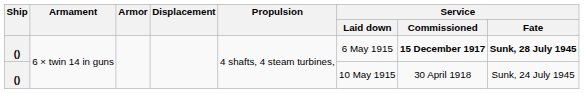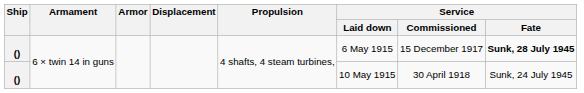 <table class="wikitable plainrowheaders" style="text-align: center;">
 <tr valign="top">
 <th scope="col" rowspan="2">Ship</th>
 <th scope="col" rowspan="2">Armament</th>
 <th scope="col" rowspan="2">Armor</th>
 <th scope="col" rowspan="2">Displacement</th>
 <th scope="col" rowspan="2">Propulsion</th>
 <th scope="col" colspan="3">Service</th>
 </tr>
 <tr valign="top">
 <th scope="col">Laid down</th>
 <th scope="col">Commissioned</th>
 <th scope="col">Fate</th>
 </tr>
 <tr valign="center">
 <th scope="row"><br>()</th>
 <td rowspan="2">6 × twin 14 in guns</td>
 <td rowspan="2"></td>
 <td rowspan="2"></td>
 <td rowspan="2">4 shafts, 4 steam turbines,<br></td>
 <td>6 May 1915</td>
-<td><strong>15 December 1917</strong></td>
+<td>15 December 1917</td>
 <td><strong>Sunk, 28 July 1945</strong></td>
 </tr>
 <tr valign="center">
 <th scope="row"><br>()</th>
 <td>10 May 1915</td>
 <td>30 April 1918</td>
 <td>Sunk, 24 July 1945</td>
 </tr>
 </table>
